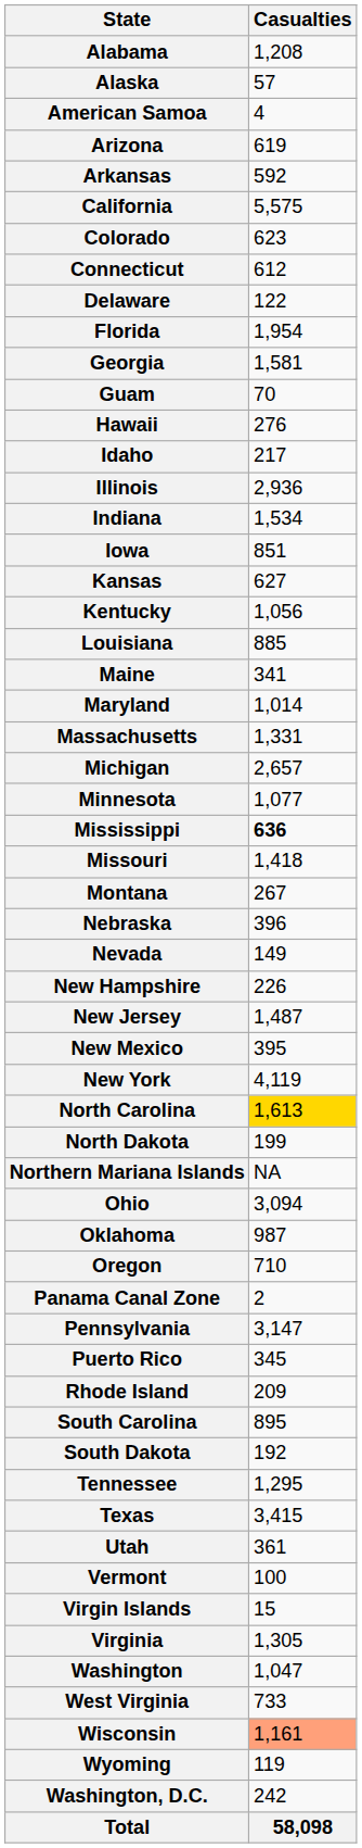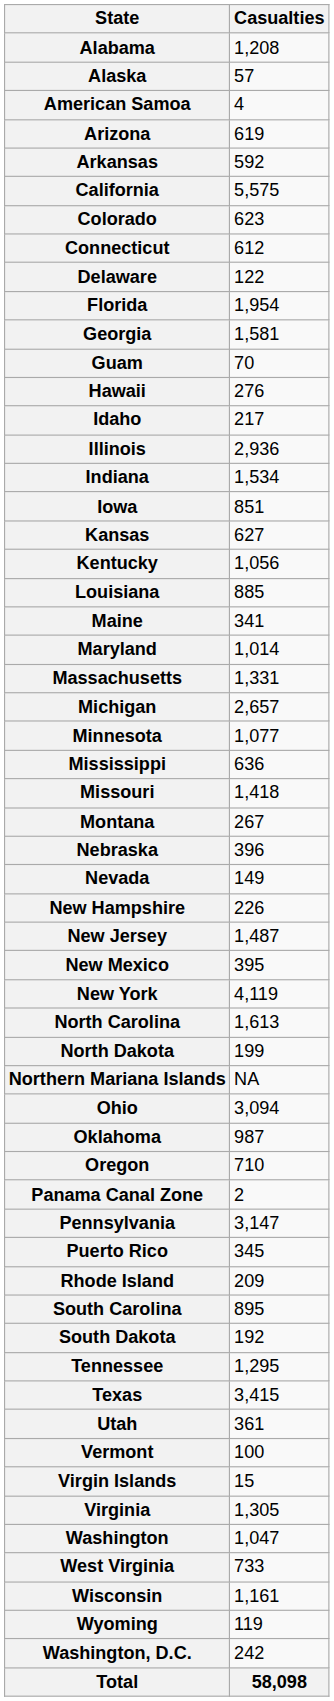 <table class="wikitable sortable mw-collapsible mw-collapsed">
 <tr>
 <th>State</th>
 <th>Casualties</th>
 </tr>
 <tr>
 <th>Alabama</th>
 <td>1,208</td>
 </tr>
 <tr>
 <th>Alaska</th>
 <td>57</td>
 </tr>
 <tr>
 <th>American Samoa</th>
 <td>4</td>
 </tr>
 <tr>
 <th>Arizona</th>
 <td>619</td>
 </tr>
 <tr>
 <th>Arkansas</th>
 <td>592</td>
 </tr>
 <tr>
 <th>California</th>
 <td>5,575</td>
 </tr>
 <tr>
 <th>Colorado</th>
 <td>623</td>
 </tr>
 <tr>
 <th>Connecticut</th>
 <td>612</td>
 </tr>
 <tr>
 <th>Delaware</th>
 <td>122</td>
 </tr>
 <tr>
 <th>Florida</th>
 <td>1,954</td>
 </tr>
 <tr>
 <th>Georgia</th>
 <td>1,581</td>
 </tr>
 <tr>
 <th>Guam</th>
 <td>70</td>
 </tr>
 <tr>
 <th>Hawaii</th>
 <td>276</td>
 </tr>
 <tr>
 <th>Idaho</th>
 <td>217</td>
 </tr>
 <tr>
 <th>Illinois</th>
 <td>2,936</td>
 </tr>
 <tr>
 <th>Indiana</th>
 <td>1,534</td>
 </tr>
 <tr>
 <th>Iowa</th>
 <td>851</td>
 </tr>
 <tr>
 <th>Kansas</th>
 <td>627</td>
 </tr>
 <tr>
 <th>Kentucky</th>
 <td>1,056</td>
 </tr>
 <tr>
 <th>Louisiana</th>
 <td>885</td>
 </tr>
 <tr>
 <th>Maine</th>
 <td>341</td>
 </tr>
 <tr>
 <th>Maryland</th>
 <td>1,014</td>
 </tr>
 <tr>
 <th>Massachusetts</th>
 <td>1,331</td>
 </tr>
 <tr>
 <th>Michigan</th>
 <td>2,657</td>
 </tr>
 <tr>
 <th>Minnesota</th>
 <td>1,077</td>
 </tr>
 <tr>
 <th>Mississippi</th>
-<td><strong>636</strong></td>
+<td>636</td>
 </tr>
 <tr>
 <th>Missouri</th>
 <td>1,418</td>
 </tr>
 <tr>
 <th>Montana</th>
 <td>267</td>
 </tr>
 <tr>
 <th>Nebraska</th>
 <td>396</td>
 </tr>
 <tr>
 <th>Nevada</th>
 <td>149</td>
 </tr>
 <tr>
 <th>New Hampshire</th>
 <td>226</td>
 </tr>
 <tr>
 <th>New Jersey</th>
 <td>1,487</td>
 </tr>
 <tr>
 <th>New Mexico</th>
 <td>395</td>
 </tr>
 <tr>
 <th>New York</th>
 <td>4,119</td>
 </tr>
 <tr>
 <th>North Carolina</th>
-<td style="background: gold;">1,613</td>
+<td>1,613</td>
 </tr>
 <tr>
 <th>North Dakota</th>
 <td>199</td>
 </tr>
 <tr>
 <th>Northern Mariana Islands</th>
 <td>NA</td>
 </tr>
 <tr>
 <th>Ohio</th>
 <td>3,094</td>
 </tr>
 <tr>
 <th>Oklahoma</th>
 <td>987</td>
 </tr>
 <tr>
 <th>Oregon</th>
 <td>710</td>
 </tr>
 <tr>
 <th>Panama Canal Zone</th>
 <td>2</td>
 </tr>
 <tr>
 <th>Pennsylvania</th>
 <td>3,147</td>
 </tr>
 <tr>
 <th>Puerto Rico</th>
 <td>345</td>
 </tr>
 <tr>
 <th>Rhode Island</th>
 <td>209</td>
 </tr>
 <tr>
 <th>South Carolina</th>
 <td>895</td>
 </tr>
 <tr>
 <th>South Dakota</th>
 <td>192</td>
 </tr>
 <tr>
 <th>Tennessee</th>
 <td>1,295</td>
 </tr>
 <tr>
 <th>Texas</th>
 <td>3,415</td>
 </tr>
 <tr>
 <th>Utah</th>
 <td>361</td>
 </tr>
 <tr>
 <th>Vermont</th>
 <td>100</td>
 </tr>
 <tr>
 <th>Virgin Islands</th>
 <td>15</td>
 </tr>
 <tr>
 <th>Virginia</th>
 <td>1,305</td>
 </tr>
 <tr>
 <th>Washington</th>
 <td>1,047</td>
 </tr>
 <tr>
 <th>West Virginia</th>
 <td>733</td>
 </tr>
 <tr>
 <th>Wisconsin</th>
-<td style="background: lightsalmon;">1,161</td>
+<td>1,161</td>
 </tr>
 <tr>
 <th>Wyoming</th>
 <td>119</td>
 </tr>
 <tr>
 <th>Washington, D.C.</th>
 <td>242</td>
 </tr>
 <tr>
 <th>Total</th>
 <th>58,098</th>
 </tr>
 </table>
